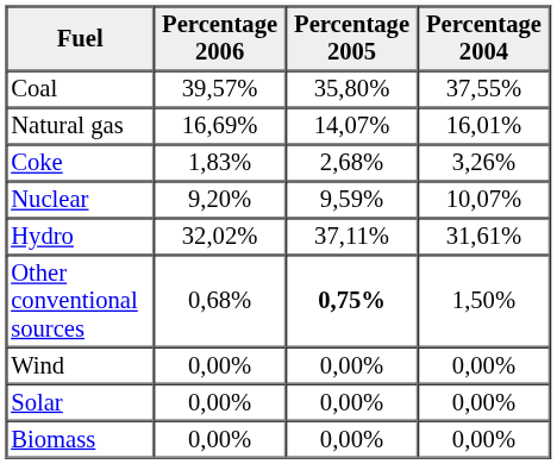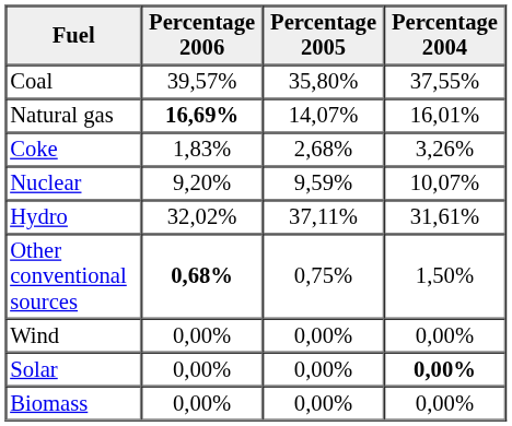 <table border=1 align=left cellpadding=2 cellspacing=0 left=style="border-collapse:collapse; border:1px solid gray; font-size:100%; text-align:left; margin-left:30px;">
 <tr style="background:#efefef;">
 <th width="90">Fuel</th>
 <th width="80">Percentage<br>2006</th>
 <th width="80">Percentage<br>2005</th>
 <th width="80">Percentage<br>2004</th>
 </tr>
 <tr>
 <td>Coal</td>
 <td align="center">39,57%</td>
 <td align="center">35,80%</td>
 <td align="center">37,55%</td>
 </tr>
 <tr>
 <td>Natural gas</td>
-<td align="center">16,69%</td>
+<td align="center"><strong>16,69%</strong></td>
 <td align="center">14,07%</td>
 <td align="center">16,01%</td>
 </tr>
 <tr>
 <td><a href='#'>Coke</a></td>
 <td align="center">1,83%</td>
 <td align="center">2,68%</td>
 <td align="center">3,26%</td>
 </tr>
 <tr>
 <td><a href='#'>Nuclear</a></td>
 <td align="center">9,20%</td>
 <td align="center">9,59%</td>
 <td align="center">10,07%</td>
 </tr>
 <tr>
 <td><a href='#'>Hydro</a></td>
 <td align="center">32,02%</td>
 <td align="center">37,11%</td>
 <td align="center">31,61%</td>
 </tr>
 <tr>
 <td><a href='#'>Other conventional<br>sources</a></td>
-<td align="center">0,68%</td>
-<td align="center"><strong>0,75%</strong></td>
+<td align="center"><strong>0,68%</strong></td>
+<td align="center">0,75%</td>
 <td align="center">1,50%</td>
 </tr>
 <tr>
 <td>Wind</td>
 <td align="center">0,00%</td>
 <td align="center">0,00%</td>
 <td align="center">0,00%</td>
 </tr>
 <tr>
 <td><a href='#'>Solar</a></td>
 <td align="center">0,00%</td>
 <td align="center">0,00%</td>
-<td align="center">0,00%</td>
+<td align="center"><strong>0,00%</strong></td>
 </tr>
 <tr>
 <td><a href='#'>Biomass</a></td>
 <td align="center">0,00%</td>
 <td align="center">0,00%</td>
 <td align="center">0,00%</td>
 </tr>
 <tr>
 </tr>
 </table>
